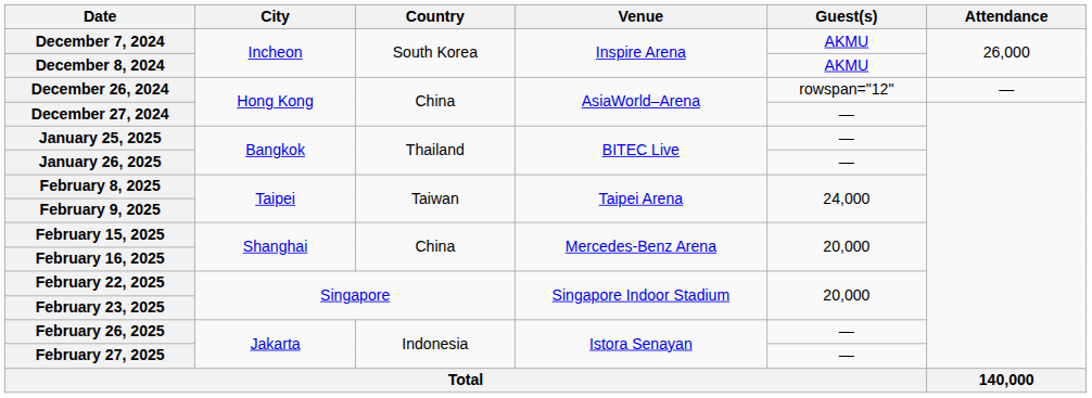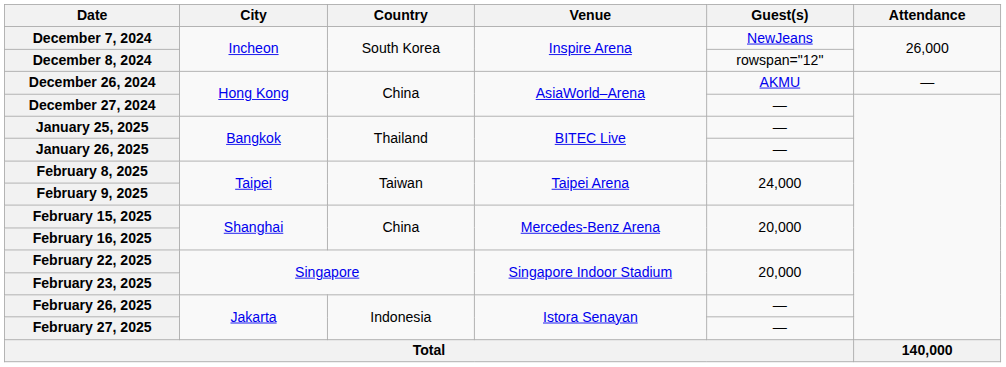 <table class="wikitable plainrowheaders" style="text-align:center;">
 <tr>
 <th scope="col" style="width:12em">Date</th>
 <th scope="col" style="width:10em">City</th>
 <th scope="col" style="width:10em">Country</th>
 <th scope="col" style="width:16em">Venue</th>
 <th scope="col" style="width:10em">Guest(s)</th>
 <th scope="col" style="width:10em">Attendance</th>
 </tr>
 <tr>
 <th scope="row" style="text-align:center">December 7, 2024</th>
 <td rowspan="2"><a href='#'>Incheon</a></td>
 <td rowspan="2">South Korea</td>
 <td rowspan="2"><a href='#'>Inspire Arena</a></td>
-<td><a href='#'>AKMU</a></td>
+<td><a href='#'>NewJeans</a></td>
 <td rowspan="2">26,000</td>
 </tr>
 <tr>
 <th scope="row" style="text-align:center">December 8, 2024</th>
-<td><a href='#'>AKMU</a></td>
+<td>rowspan="12" </td>
 </tr>
 <tr>
 <th scope="row" style="text-align:center">December 26, 2024</th>
 <td rowspan="2"><a href='#'>Hong Kong</a></td>
 <td rowspan="2">China</td>
 <td rowspan="2"><a href='#'>AsiaWorld–Arena</a></td>
-<td>rowspan="12" </td>
+<td><a href='#'>AKMU</a></td>
 <td>—</td>
 </tr>
 <tr>
 <th scope="row" style="text-align:center">December 27, 2024</th>
 <td>—</td>
 </tr>
 <tr>
 <th scope="row" style="text-align:center">January 25, 2025</th>
 <td rowspan="2"><a href='#'>Bangkok</a></td>
 <td rowspan="2">Thailand</td>
 <td rowspan="2"><a href='#'>BITEC Live</a></td>
 <td>—</td>
 </tr>
 <tr>
 <th scope="row" style="text-align:center">January 26, 2025</th>
 <td>—</td>
 </tr>
 <tr>
 <th scope="row" style="text-align:center">February 8, 2025</th>
 <td rowspan="2"><a href='#'>Taipei</a></td>
 <td rowspan="2">Taiwan</td>
 <td rowspan="2"><a href='#'>Taipei Arena</a></td>
 <td rowspan="2">24,000</td>
 </tr>
 <tr>
 <th scope="row" style="text-align:center">February 9, 2025</th>
 </tr>
 <tr>
 <th scope="row" style="text-align:center">February 15, 2025</th>
 <td rowspan="2"><a href='#'>Shanghai</a></td>
 <td rowspan="2">China</td>
 <td rowspan="2"><a href='#'>Mercedes-Benz Arena</a></td>
 <td rowspan="2">20,000</td>
 </tr>
 <tr>
 <th scope="row" style="text-align:center">February 16, 2025</th>
 </tr>
 <tr>
 <th scope="row" style="text-align:center">February 22, 2025</th>
 <td rowspan="2" colspan="2"><a href='#'>Singapore</a></td>
 <td rowspan="2"><a href='#'>Singapore Indoor Stadium</a></td>
 <td rowspan="2">20,000</td>
 </tr>
 <tr>
 <th scope="row" style="text-align:center">February 23, 2025</th>
 </tr>
 <tr>
 <th scope="row" style="text-align:center">February 26, 2025</th>
 <td rowspan="2"><a href='#'>Jakarta</a></td>
 <td rowspan="2">Indonesia</td>
 <td rowspan="2"><a href='#'>Istora Senayan</a></td>
 <td>—</td>
 </tr>
 <tr>
 <th scope="row" style="text-align:center">February 27, 2025</th>
 <td>—</td>
 </tr>
 <tr>
 <th colspan="5">Total</th>
 <th>140,000</th>
 </tr>
 </table>
